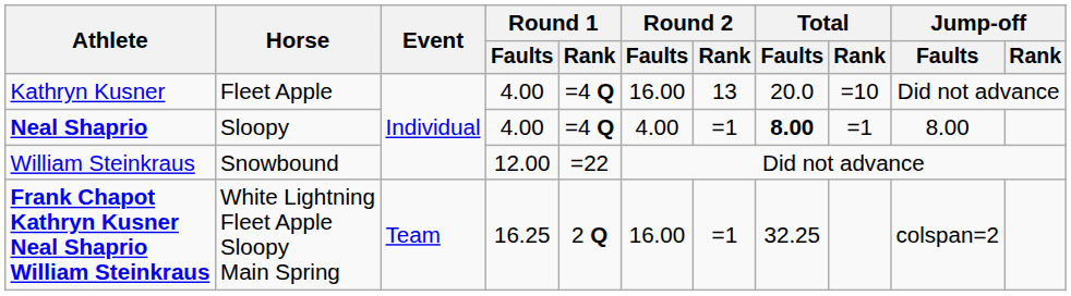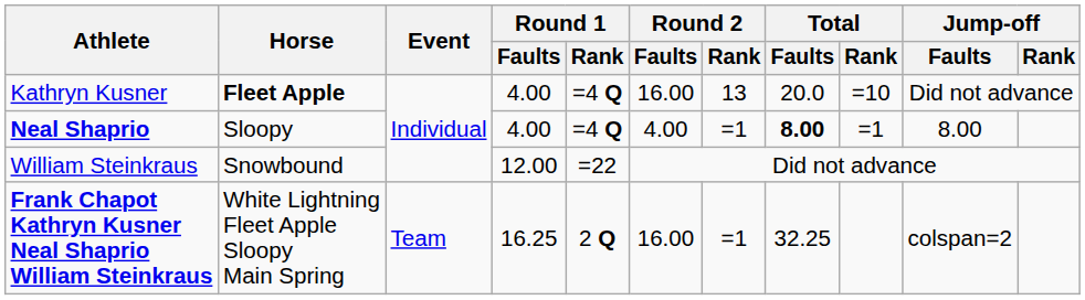 <table class=wikitable style=font-size:90%;text-align:center>
 <tr>
 <th rowspan=2>Athlete</th>
 <th rowspan=2>Horse</th>
 <th rowspan=2>Event</th>
 <th colspan=2>Round 1</th>
 <th colspan=2>Round 2</th>
 <th colspan=2>Total</th>
 <th colspan=2>Jump-off</th>
 </tr>
 <tr style=font-size:95%>
 <th>Faults</th>
 <th>Rank</th>
 <th>Faults</th>
 <th>Rank</th>
 <th>Faults</th>
 <th>Rank</th>
 <th>Faults</th>
 <th>Rank</th>
 </tr>
 <tr>
 <td align=left><a href='#'>Kathryn Kusner</a></td>
-<td align=left>Fleet Apple</td>
+<td align=left><strong>Fleet Apple</strong></td>
 <td align=left rowspan=3><a href='#'>Individual</a></td>
 <td>4.00</td>
 <td>=4 <strong>Q</strong></td>
 <td>16.00</td>
 <td>13</td>
 <td>20.0</td>
 <td>=10</td>
 <td colspan=2>Did not advance</td>
 </tr>
 <tr>
 <td align=left><strong><a href='#'>Neal Shaprio</a></strong></td>
 <td align=left>Sloopy</td>
 <td>4.00</td>
 <td>=4 <strong>Q</strong></td>
 <td>4.00</td>
 <td>=1</td>
 <td><strong>8.00</strong></td>
 <td>=1</td>
 <td>8.00</td>
 <td></td>
 </tr>
 <tr>
 <td align=left><a href='#'>William Steinkraus</a></td>
 <td align=left>Snowbound</td>
 <td>12.00</td>
 <td>=22</td>
 <td colspan=6>Did not advance</td>
 </tr>
 <tr>
 <td align=left><strong><a href='#'>Frank Chapot</a><br><a href='#'>Kathryn Kusner</a><br><a href='#'>Neal Shaprio</a><br><a href='#'>William Steinkraus</a></strong></td>
 <td align=left>White Lightning<br>Fleet Apple<br>Sloopy<br>Main Spring</td>
 <td align=left><a href='#'>Team</a></td>
 <td>16.25</td>
 <td>2 <strong>Q</strong></td>
 <td>16.00</td>
 <td>=1</td>
 <td>32.25</td>
 <td></td>
 <td>colspan=2 </td>
 </tr>
 </table>
